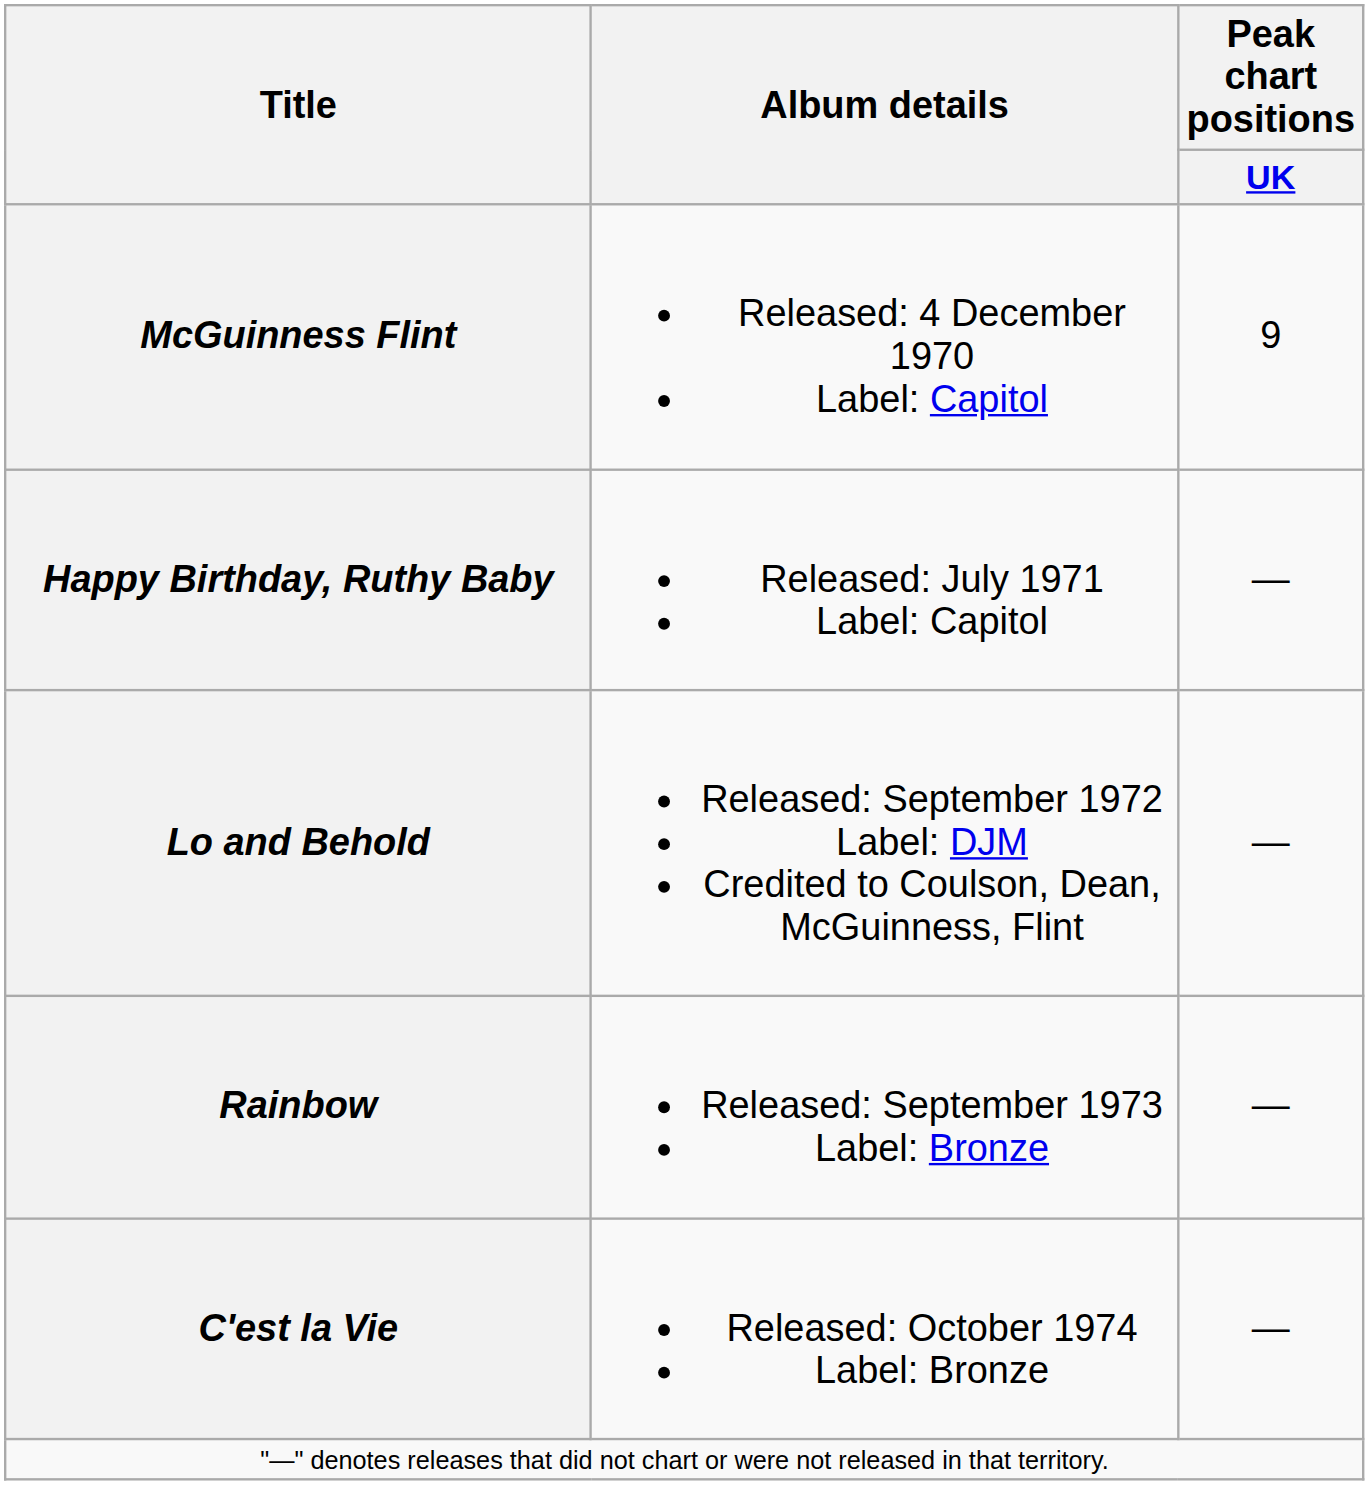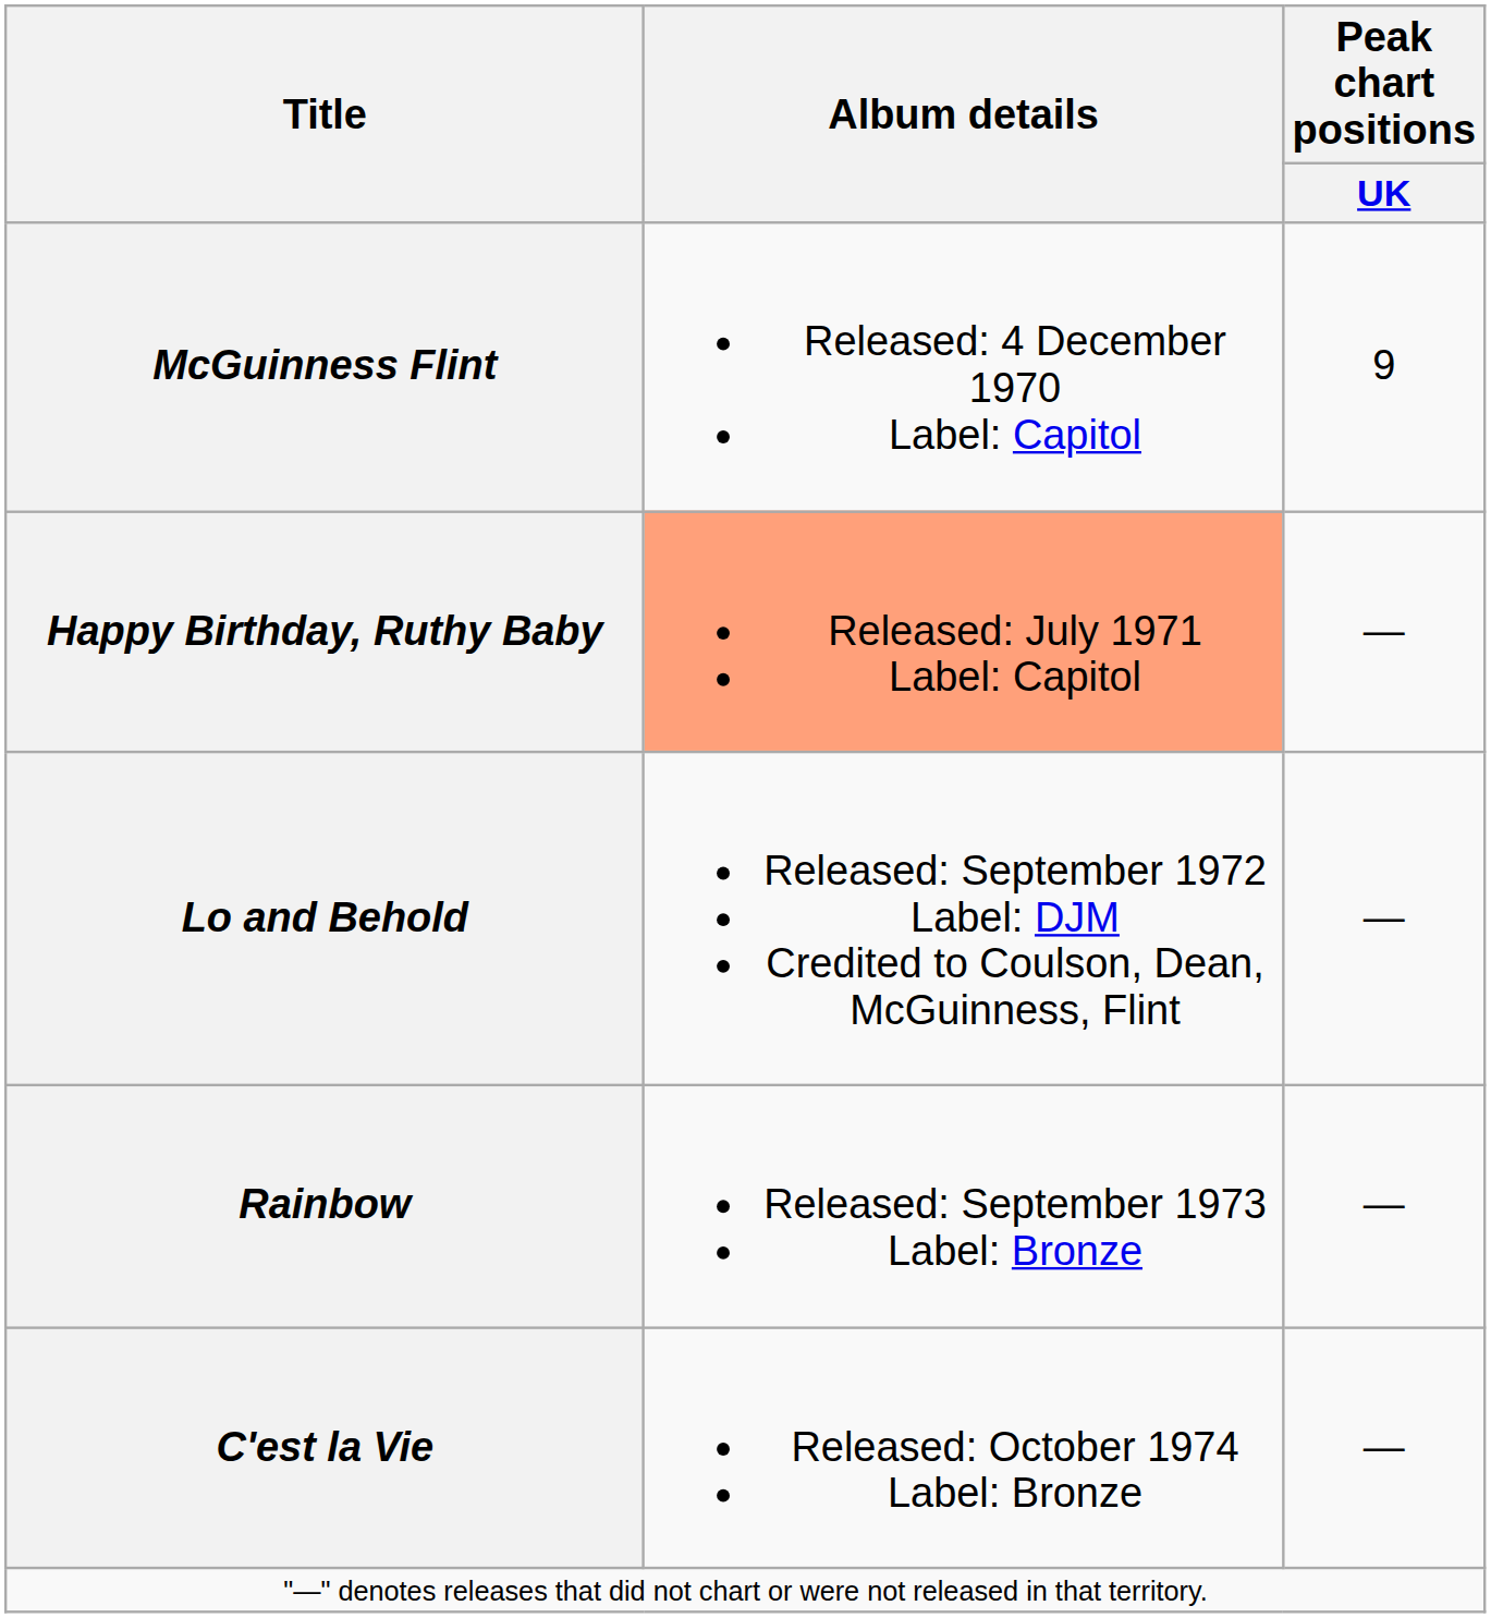 <table class="wikitable plainrowheaders" style="text-align:center;">
 <tr>
 <th rowspan="2" scope="col" style="width:15em;">Title</th>
 <th rowspan="2" scope="col" style="width:15em;">Album details</th>
 <th scope="col">Peak chart positions</th>
 </tr>
 <tr>
 <th scope="col" style="width:3em;font-size:90%;"><a href='#'>UK</a><br></th>
 </tr>
 <tr>
 <th scope="row"><em>McGuinness Flint</em></th>
 <td><br><ul><li>Released: 4 December 1970</li><li>Label: <a href='#'>Capitol</a></li></ul></td>
 <td>9</td>
 </tr>
 <tr>
 <th scope="row"><em>Happy Birthday, Ruthy Baby</em></th>
-<td><br><ul><li>Released: July 1971</li><li>Label: Capitol</li></ul></td>
+<td style="background: lightsalmon;"><br><ul><li>Released: July 1971</li><li>Label: Capitol</li></ul></td>
 <td>—</td>
 </tr>
 <tr>
 <th scope="row"><em>Lo and Behold</em></th>
 <td><br><ul><li>Released: September 1972</li><li>Label: <a href='#'>DJM</a></li><li>Credited to Coulson, Dean, McGuinness, Flint</li></ul></td>
 <td>—</td>
 </tr>
 <tr>
 <th scope="row"><em>Rainbow</em></th>
 <td><br><ul><li>Released: September 1973</li><li>Label: <a href='#'>Bronze</a></li></ul></td>
 <td>—</td>
 </tr>
 <tr>
 <th scope="row"><em>C'est la Vie</em></th>
 <td><br><ul><li>Released: October 1974</li><li>Label: Bronze</li></ul></td>
 <td>—</td>
 </tr>
 <tr>
 <td colspan="3" style="font-size:8pt">"—" denotes releases that did not chart or were not released in that territory.</td>
 </tr>
 </table>
